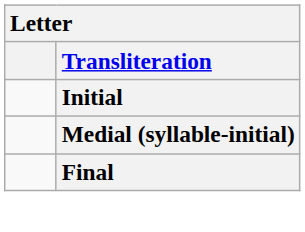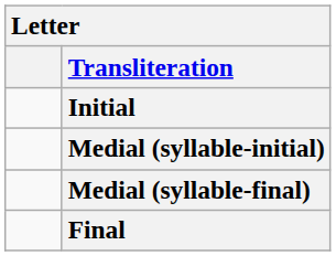 <table class="wikitable" style="text-align: center; display: inline-table;">
 <tr>
 <th colspan="2" style="text-align: left">Letter</th>
 </tr>
 <tr>
 <th style="min-width: 1.75em"></th>
 <th style="text-align: left"><a href='#'>Transliteration</a></th>
 </tr>
 <tr>
 <td></td>
 <th style="text-align: left">Initial</th>
 </tr>
 <tr>
 <td> </td>
 <th style="text-align: left">Medial (syllable-initial)</th>
 </tr>
 <tr>
+<td> </td>
+<th style="text-align: left">Medial (syllable-final)</th>
+</tr>
+<tr>
 <td></td>
 <th style="text-align: left">Final</th>
 </tr>
 </table>
